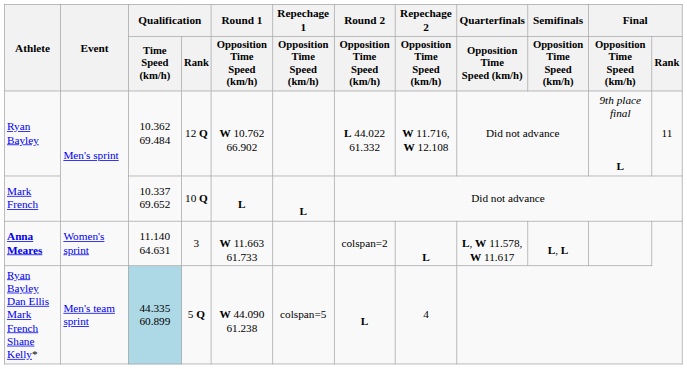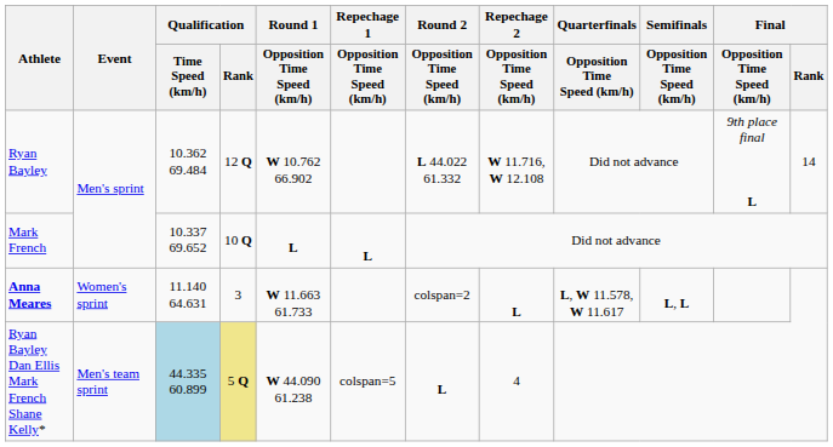 <table class="wikitable" style="font-size:90%">
 <tr>
 <th rowspan="2">Athlete</th>
 <th rowspan="2">Event</th>
 <th colspan=2>Qualification</th>
 <th>Round 1</th>
 <th>Repechage 1</th>
 <th>Round 2</th>
 <th>Repechage 2</th>
 <th>Quarterfinals</th>
 <th>Semifinals</th>
 <th colspan=2>Final</th>
 </tr>
 <tr style="font-size:95%">
 <th>Time<br>Speed (km/h)</th>
 <th>Rank</th>
 <th>Opposition<br>Time<br>Speed (km/h)</th>
 <th>Opposition<br>Time<br>Speed (km/h)</th>
 <th>Opposition<br>Time<br>Speed (km/h)</th>
 <th>Opposition<br>Time<br>Speed (km/h)</th>
 <th>Opposition<br>Time<br>Speed (km/h)</th>
 <th>Opposition<br>Time<br>Speed (km/h)</th>
 <th>Opposition<br>Time<br>Speed (km/h)</th>
 <th>Rank</th>
 </tr>
 <tr align=center>
 <td align=left><a href='#'>Ryan Bayley</a></td>
 <td align=left rowspan=2><a href='#'>Men's sprint</a></td>
 <td>10.362<br>69.484</td>
 <td>12 <strong>Q</strong></td>
 <td><br><strong>W</strong> 10.762<br>66.902</td>
 <td></td>
 <td><br><strong>L</strong> 44.022 <br>61.332</td>
 <td><br><strong>W</strong> 11.716,<br><strong>W</strong> 12.108</td>
 <td colspan=2>Did not advance</td>
 <td><em>9th place final</em><br><br><br><br><strong>L</strong></td>
-<td>11</td>
+<td>14</td>
 </tr>
 <tr align=center>
 <td align=left><a href='#'>Mark French</a></td>
 <td>10.337<br>69.652</td>
 <td>10 <strong>Q</strong></td>
 <td><br><strong>L</strong></td>
 <td><br><br><strong>L</strong></td>
 <td colspan=6>Did not advance</td>
 </tr>
 <tr align=center>
 <td align=left><strong><a href='#'>Anna Meares</a></strong></td>
 <td align=left><a href='#'>Women's sprint</a></td>
 <td>11.140<br>64.631</td>
 <td>3</td>
 <td><br><strong>W</strong> 11.663<br>61.733</td>
 <td></td>
 <td>colspan=2 </td>
 <td><br><br><strong>L</strong></td>
 <td><br><strong>L</strong>, <strong>W</strong> 11.578,<br><strong>W</strong> 11.617</td>
 <td><br><strong>L</strong>, <strong>L</strong></td>
 <td></td>
 </tr>
 <tr align=center>
 <td align=left><a href='#'>Ryan Bayley</a><br><a href='#'>Dan Ellis</a><br><a href='#'>Mark French</a><br><a href='#'>Shane Kelly</a>*</td>
 <td align=left><a href='#'>Men's team sprint</a></td>
 <td style="background: lightblue;">44.335<br>60.899</td>
-<td>5 <strong>Q</strong></td>
+<td style="background: khaki;">5 <strong>Q</strong></td>
 <td><br><strong>W</strong> 44.090 <br>61.238</td>
 <td>colspan=5 </td>
 <td><br><strong>L</strong></td>
 <td>4</td>
 </tr>
 </table>
